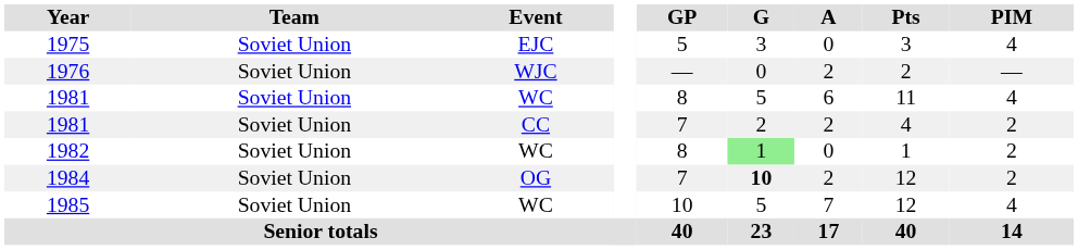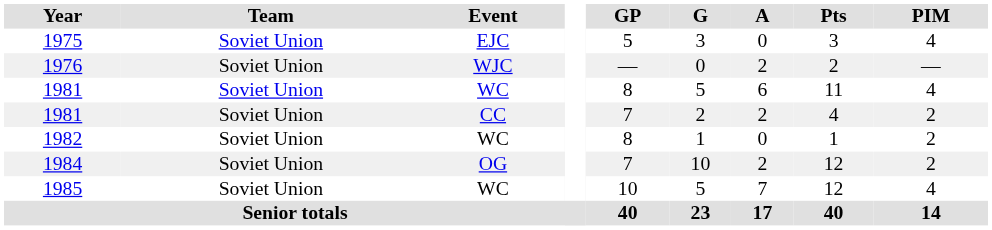 <table border="0" cellpadding="1" cellspacing="0" style="text-align:center; width:50em">
 <tr ALIGN="center" bgcolor="#e0e0e0">
 <th>Year</th>
 <th>Team</th>
 <th>Event</th>
 <th ALIGN="center" rowspan="99" bgcolor="#ffffff"> </th>
 <th>GP</th>
 <th>G</th>
 <th>A</th>
 <th>Pts</th>
 <th>PIM</th>
 </tr>
 <tr>
 <td><a href='#'>1975</a></td>
 <td><a href='#'>Soviet Union</a></td>
 <td><a href='#'>EJC</a></td>
 <td>5</td>
 <td>3</td>
 <td>0</td>
 <td>3</td>
 <td>4</td>
 </tr>
 <tr bgcolor="#f0f0f0">
 <td><a href='#'>1976</a></td>
 <td>Soviet Union</td>
 <td><a href='#'>WJC</a></td>
 <td>—</td>
 <td>0</td>
 <td>2</td>
 <td>2</td>
 <td>—</td>
 </tr>
 <tr>
 <td><a href='#'>1981</a></td>
 <td><a href='#'>Soviet Union</a></td>
 <td><a href='#'>WC</a></td>
 <td>8</td>
 <td>5</td>
 <td>6</td>
 <td>11</td>
 <td>4</td>
 </tr>
 <tr bgcolor="#f0f0f0">
 <td><a href='#'>1981</a></td>
 <td>Soviet Union</td>
 <td><a href='#'>CC</a></td>
 <td>7</td>
 <td>2</td>
 <td>2</td>
 <td>4</td>
 <td>2</td>
 </tr>
 <tr>
 <td><a href='#'>1982</a></td>
 <td>Soviet Union</td>
 <td>WC</td>
 <td>8</td>
-<td style="background: lightgreen;">1</td>
+<td>1</td>
 <td>0</td>
 <td>1</td>
 <td>2</td>
 </tr>
 <tr bgcolor="#f0f0f0">
 <td><a href='#'>1984</a></td>
 <td>Soviet Union</td>
 <td><a href='#'>OG</a></td>
 <td>7</td>
-<td><strong>10</strong></td>
+<td>10</td>
 <td>2</td>
 <td>12</td>
 <td>2</td>
 </tr>
 <tr>
 <td><a href='#'>1985</a></td>
 <td>Soviet Union</td>
 <td>WC</td>
 <td>10</td>
 <td>5</td>
 <td>7</td>
 <td>12</td>
 <td>4</td>
 </tr>
 <tr bgcolor="#e0e0e0">
 <th colspan=4>Senior totals</th>
 <th>40</th>
 <th>23</th>
 <th>17</th>
 <th>40</th>
 <th>14</th>
 </tr>
 </table>
